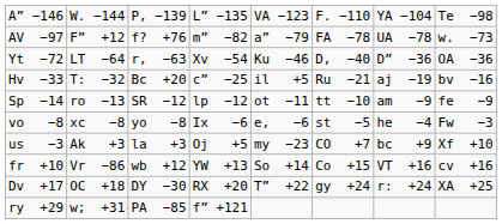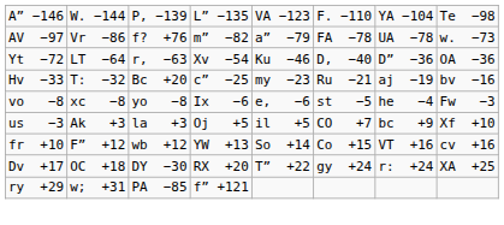 <table class="wikitable" style="font-family:monospace">
 <tr>
 <td>A” −146</td>
 <td>W. −144</td>
 <td>P, −139</td>
 <td>L” −135</td>
 <td>VA −123</td>
 <td>F. −110</td>
 <td>YA −104</td>
 <td>Te  −98</td>
 </tr>
 <tr>
 <td>AV  −97</td>
-<td>F”  +12</td>
+<td>Vr  −86</td>
 <td>f?  +76</td>
 <td>m”  −82</td>
 <td>a”  −79</td>
 <td>FA  −78</td>
 <td>UA  −78</td>
 <td>w.  −73</td>
 </tr>
 <tr>
 <td>Yt  −72</td>
 <td>LT  −64</td>
 <td>r,  −63</td>
 <td>Xv  −54</td>
 <td>Ku  −46</td>
 <td>D,  −40</td>
 <td>D”  −36</td>
 <td>OA  −36</td>
 </tr>
 <tr>
 <td>Hv  −33</td>
 <td>T:  −32</td>
 <td>Bc  +20</td>
 <td>c”  −25</td>
-<td>il   +5</td>
+<td>my  −23</td>
 <td>Ru  −21</td>
 <td>aj  −19</td>
 <td>bv  −16</td>
-</tr>
-<tr>
-<td>Sp  −14</td>
-<td>ro  −13</td>
-<td>SR  −12</td>
-<td>lp  −12</td>
-<td>ot  −11</td>
-<td>tt  −10</td>
-<td>am   −9</td>
-<td>fe   −9</td>
 </tr>
 <tr>
 <td>vo   −8</td>
 <td>xc   −8</td>
 <td>yo   −8</td>
 <td>Ix   −6</td>
 <td>e,   −6</td>
 <td>st   −5</td>
 <td>he   −4</td>
 <td>Fw   −3</td>
 </tr>
 <tr>
 <td>us   −3</td>
 <td>Ak   +3</td>
 <td>la   +3</td>
 <td>Oj   +5</td>
-<td>my  −23</td>
+<td>il   +5</td>
 <td>CO   +7</td>
 <td>bc   +9</td>
 <td>Xf  +10</td>
 </tr>
 <tr>
 <td>fr  +10</td>
-<td>Vr  −86</td>
+<td>F”  +12</td>
 <td>wb  +12</td>
 <td>YW  +13</td>
 <td>So  +14</td>
 <td>Co  +15</td>
 <td>VT  +16</td>
 <td>cv  +16</td>
 </tr>
 <tr>
 <td>Dv  +17</td>
 <td>OC  +18</td>
 <td>DY  −30</td>
 <td>RX  +20</td>
 <td>T”  +22</td>
 <td>gy  +24</td>
 <td>r:  +24</td>
 <td>XA  +25</td>
 </tr>
 <tr>
 <td>ry  +29</td>
 <td>w;  +31</td>
 <td>PA  −85</td>
 <td>f” +121</td>
 <td></td>
 <td></td>
 <td></td>
 <td></td>
 </tr>
 </table>
